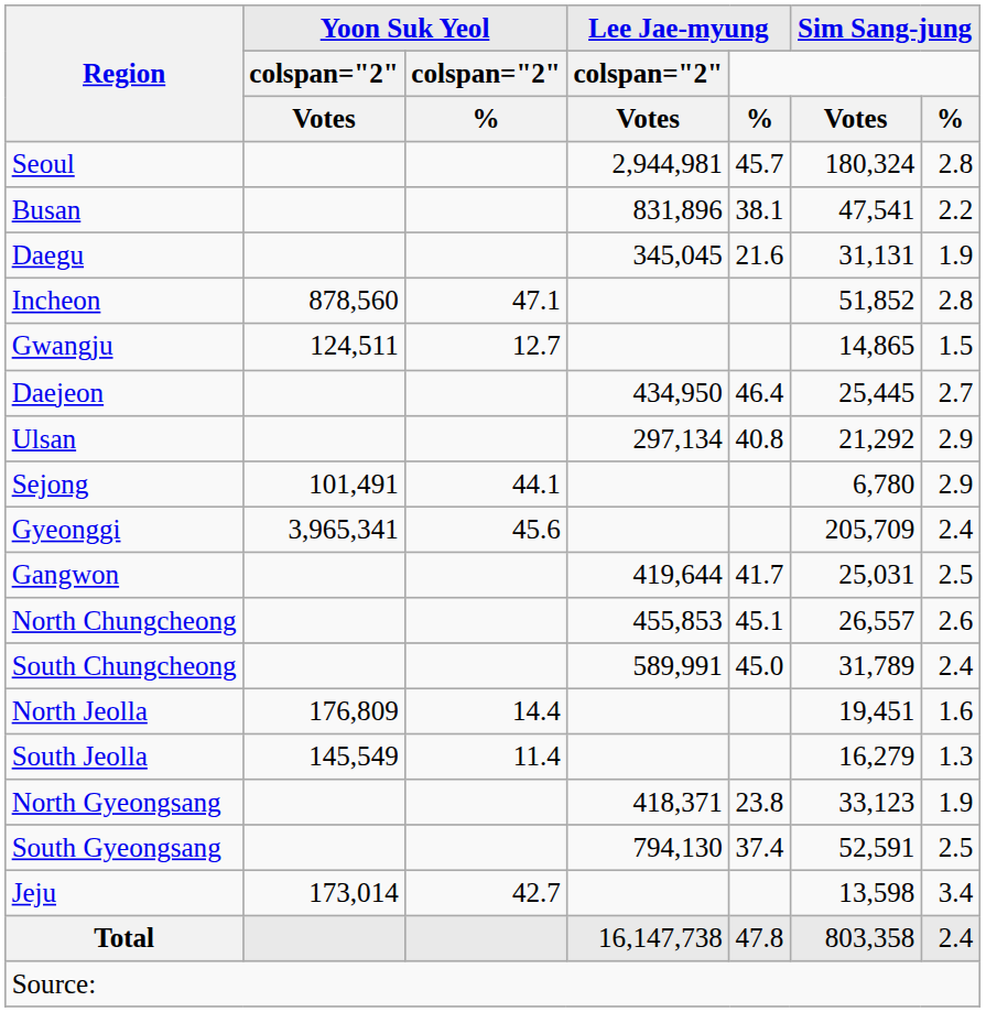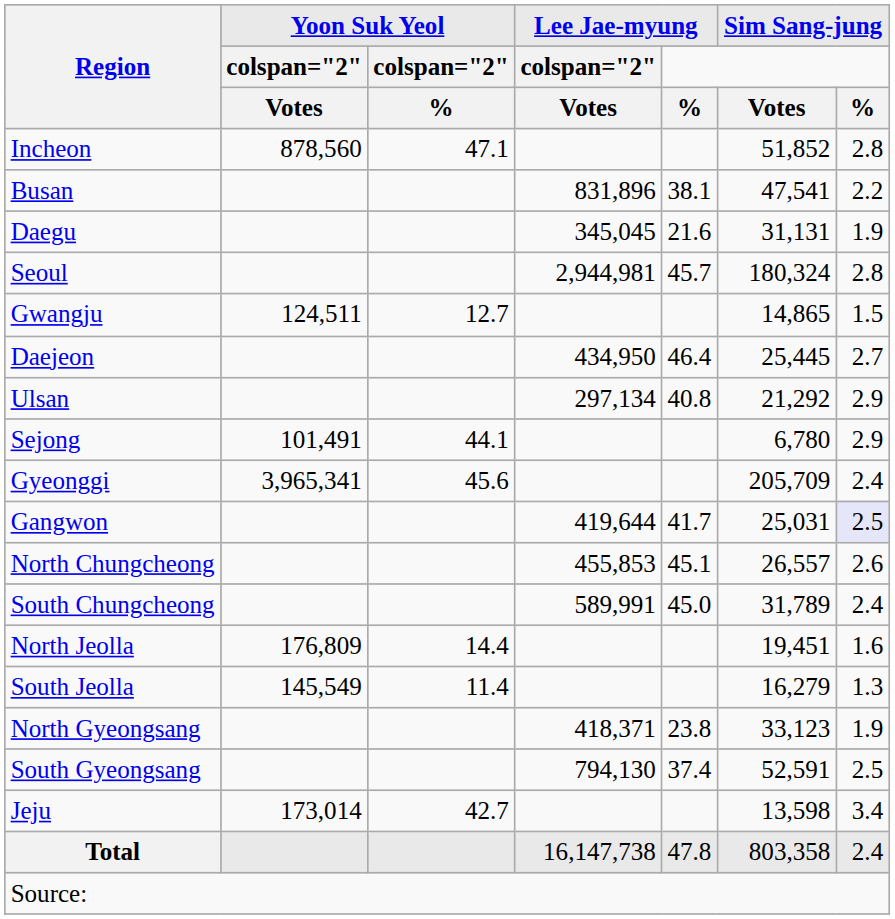 <table class="wikitable sortable" style="text-align:right; font-size:95%">
 <tr>
 <th rowspan="3"><a href='#'>Region</a></th>
 <th colspan="2" align="center" style="background: #E9E9E9"><a href='#'>Yoon Suk Yeol</a></th>
 <th colspan="2" align="center" style="background: #E9E9E9"><a href='#'>Lee Jae-myung</a></th>
 <th colspan="2" align="center" style="background: #E9E9E9"><a href='#'>Sim Sang-jung</a></th>
 </tr>
 <tr>
 <th>colspan="2" </th>
 <th>colspan="2" </th>
 <th>colspan="2" </th>
 </tr>
 <tr>
 <th width="65px">Votes</th>
 <th width="25px">%</th>
 <th width="65px">Votes</th>
 <th width="25px">%</th>
 <th width="65px">Votes</th>
 <th width="25px">%</th>
 </tr>
 <tr>
-<td align="left"><a href='#'>Seoul</a></td>
+<td align="left"><a href='#'>Incheon</a></td>
+<td>878,560</td>
+<td>47.1</td>
 <td></td>
 <td></td>
-<td>2,944,981</td>
-<td>45.7</td>
-<td>180,324</td>
+<td>51,852</td>
 <td>2.8</td>
 </tr>
 <tr>
 <td align="left"><a href='#'>Busan</a></td>
 <td></td>
 <td></td>
 <td>831,896</td>
 <td>38.1</td>
 <td>47,541</td>
 <td>2.2</td>
 </tr>
 <tr>
 <td align="left"><a href='#'>Daegu</a></td>
 <td></td>
 <td></td>
 <td>345,045</td>
 <td>21.6</td>
 <td>31,131</td>
 <td>1.9</td>
 </tr>
 <tr>
-<td align="left"><a href='#'>Incheon</a></td>
-<td>878,560</td>
-<td>47.1</td>
+<td align="left"><a href='#'>Seoul</a></td>
 <td></td>
 <td></td>
-<td>51,852</td>
+<td>2,944,981</td>
+<td>45.7</td>
+<td>180,324</td>
 <td>2.8</td>
 </tr>
 <tr>
 <td align="left"><a href='#'>Gwangju</a></td>
 <td>124,511</td>
 <td>12.7</td>
 <td></td>
 <td></td>
 <td>14,865</td>
 <td>1.5</td>
 </tr>
 <tr>
 <td align="left"><a href='#'>Daejeon</a></td>
 <td></td>
 <td></td>
 <td>434,950</td>
 <td>46.4</td>
 <td>25,445</td>
 <td>2.7</td>
 </tr>
 <tr>
 <td align="left"><a href='#'>Ulsan</a></td>
 <td></td>
 <td></td>
 <td>297,134</td>
 <td>40.8</td>
 <td>21,292</td>
 <td>2.9</td>
 </tr>
 <tr>
 <td align="left"><a href='#'>Sejong</a></td>
 <td>101,491</td>
 <td>44.1</td>
 <td></td>
 <td></td>
 <td>6,780</td>
 <td>2.9</td>
 </tr>
 <tr>
 <td align="left"><a href='#'>Gyeonggi</a></td>
 <td>3,965,341</td>
 <td>45.6</td>
 <td></td>
 <td></td>
 <td>205,709</td>
 <td>2.4</td>
 </tr>
 <tr>
 <td align="left"><a href='#'>Gangwon</a></td>
 <td></td>
 <td></td>
 <td>419,644</td>
 <td>41.7</td>
 <td>25,031</td>
-<td>2.5</td>
+<td style="background: lavender;">2.5</td>
 </tr>
 <tr>
 <td align="left"><a href='#'>North Chungcheong</a></td>
 <td></td>
 <td></td>
 <td>455,853</td>
 <td>45.1</td>
 <td>26,557</td>
 <td>2.6</td>
 </tr>
 <tr>
 <td align="left"><a href='#'>South Chungcheong</a></td>
 <td></td>
 <td></td>
 <td>589,991</td>
 <td>45.0</td>
 <td>31,789</td>
 <td>2.4</td>
 </tr>
 <tr>
 <td align="left"><a href='#'>North Jeolla</a></td>
 <td>176,809</td>
 <td>14.4</td>
 <td></td>
 <td></td>
 <td>19,451</td>
 <td>1.6</td>
 </tr>
 <tr>
 <td align="left"><a href='#'>South Jeolla</a></td>
 <td>145,549</td>
 <td>11.4</td>
 <td></td>
 <td></td>
 <td>16,279</td>
 <td>1.3</td>
 </tr>
 <tr>
 <td align="left"><a href='#'>North Gyeongsang</a></td>
 <td></td>
 <td></td>
 <td>418,371</td>
 <td>23.8</td>
 <td>33,123</td>
 <td>1.9</td>
 </tr>
 <tr>
 <td align="left"><a href='#'>South Gyeongsang</a></td>
 <td></td>
 <td></td>
 <td>794,130</td>
 <td>37.4</td>
 <td>52,591</td>
 <td>2.5</td>
 </tr>
 <tr>
 <td align="left"><a href='#'>Jeju</a></td>
 <td>173,014</td>
 <td>42.7</td>
 <td></td>
 <td></td>
 <td>13,598</td>
 <td>3.4</td>
 </tr>
 <tr - style="background:#E9E9E9">
 <th align="left"><strong>Total</strong></th>
 <td></td>
 <td></td>
 <td>16,147,738</td>
 <td>47.8</td>
 <td>803,358</td>
 <td>2.4</td>
 </tr>
 <tr>
 <td colspan="7" align="left">Source: </td>
 </tr>
 </table>
